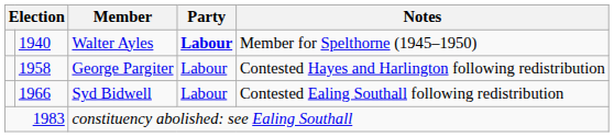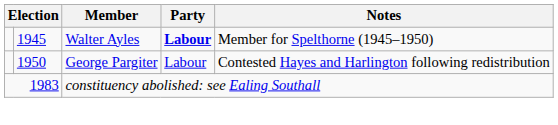 <table class="wikitable">
 <tr>
 <th colspan="2">Election</th>
 <th>Member</th>
 <th>Party</th>
 <th>Notes</th>
 </tr>
 <tr>
 <td style="color:inherit;background-color: "></td>
-<td><a href='#'>1940</a></td>
+<td><a href='#'>1945</a></td>
 <td><a href='#'>Walter Ayles</a></td>
 <td><strong><a href='#'>Labour</a></strong></td>
 <td>Member for <a href='#'>Spelthorne</a> (1945–1950)</td>
 </tr>
 <tr>
 <td style="color:inherit;background-color: "></td>
-<td><a href='#'>1958</a></td>
+<td><a href='#'>1950</a></td>
 <td><a href='#'>George Pargiter</a></td>
 <td><a href='#'>Labour</a></td>
 <td>Contested <a href='#'>Hayes and Harlington</a> following redistribution</td>
-</tr>
-<tr>
-<td style="color:inherit;background-color: "></td>
-<td><a href='#'>1966</a></td>
-<td><a href='#'>Syd Bidwell</a></td>
-<td><a href='#'>Labour</a></td>
-<td>Contested <a href='#'>Ealing Southall</a> following redistribution</td>
 </tr>
 <tr>
 <td colspan="2" align="right"><a href='#'>1983</a></td>
 <td colspan="3"><em>constituency abolished: see <a href='#'>Ealing Southall</a></em></td>
 </tr>
 </table>
